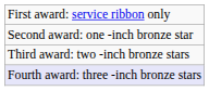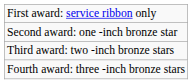 <table class="wikitable">
 <tr>
 <td> First award: <a href='#'>service ribbon</a> only</td>
 </tr>
 <tr>
 <td> Second award: one -inch bronze star</td>
 </tr>
 <tr>
 <td> Third award: two -inch bronze stars</td>
 </tr>
 <tr>
-<td style="background: lavender;"> Fourth award: three -inch bronze stars</td>
+<td> Fourth award: three -inch bronze stars</td>
 </tr>
 </table>
